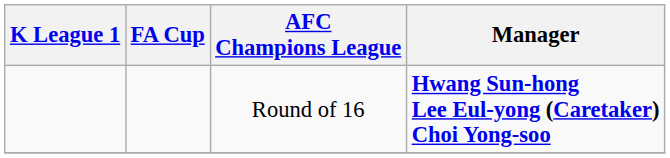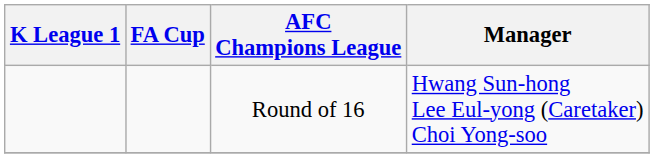 <table class="wikitable" style="text-align:center">
 <tr>
 <th><a href='#'>K League 1</a></th>
 <th><a href='#'>FA Cup</a></th>
 <th><a href='#'>AFC<br>Champions League</a></th>
 <th>Manager</th>
 </tr>
 <tr>
 <td></td>
 <td></td>
 <td>Round of 16</td>
-<td align=left><strong> <a href='#'>Hwang Sun-hong</a><br> <a href='#'>Lee Eul-yong</a> (<a href='#'>Caretaker</a>)<br> <a href='#'>Choi Yong-soo</a></strong></td>
+<td align=left> <a href='#'>Hwang Sun-hong</a><br> <a href='#'>Lee Eul-yong</a> (<a href='#'>Caretaker</a>)<br> <a href='#'>Choi Yong-soo</a></td>
 </tr>
 <tr>
 </tr>
 </table>
